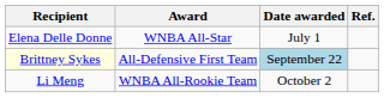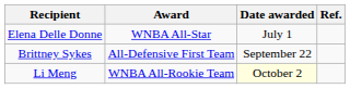 <table class="wikitable sortable sortable" style="text-align: center">
 <tr>
 <th>Recipient</th>
 <th>Award</th>
 <th>Date awarded</th>
 <th>Ref.</th>
 </tr>
 <tr>
 <td><a href='#'>Elena Delle Donne</a></td>
 <td><a href='#'>WNBA All-Star</a></td>
 <td>July 1</td>
 <td></td>
 </tr>
 <tr>
-<td style="background: lightyellow;"><a href='#'>Brittney Sykes</a></td>
+<td><a href='#'>Brittney Sykes</a></td>
 <td><a href='#'>All-Defensive First Team</a></td>
-<td style="background: lightblue;">September 22</td>
+<td>September 22</td>
 <td></td>
 </tr>
 <tr>
 <td><a href='#'>Li Meng</a></td>
 <td><a href='#'>WNBA All-Rookie Team</a></td>
-<td>October 2</td>
+<td style="background: lightyellow;">October 2</td>
 <td></td>
 </tr>
 </table>
